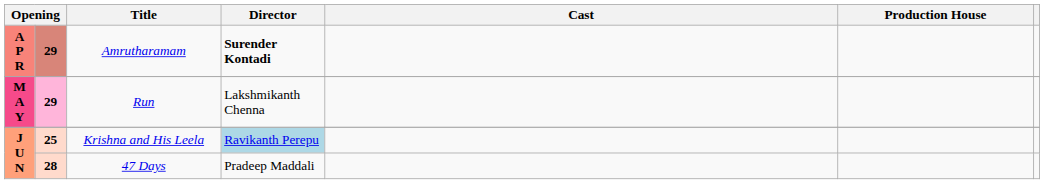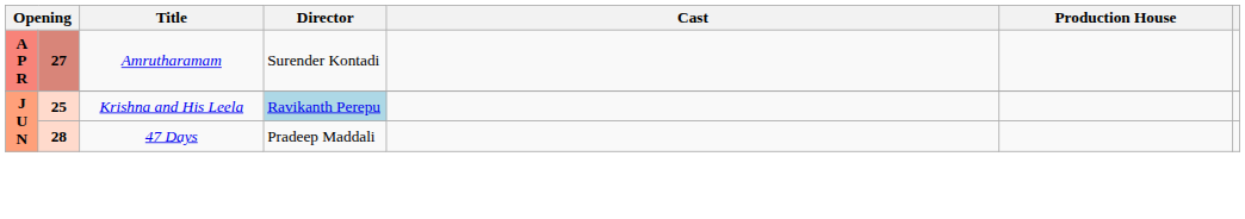 <table class="wikitable sortable">
 <tr style="background:#blue; text-align:center;">
 <th colspan="2" style="width:6%;"><strong>Opening</strong></th>
 <th style="width:15%;"><strong>Title</strong></th>
 <th style="width:10%;"><strong>Director</strong></th>
 <th style="width:50%;"><strong>Cast</strong></th>
 <th style="width:25%;"><strong>Production House</strong></th>
 <th style="width:1%;"></th>
 </tr>
 <tr April!>
 <td style="text-align:center;  background:#F88379; textcolor:#000;"><strong>A<br>P<br>R</strong></td>
-<td style="text-align:center;background:#D88579;"><strong>29</strong></td>
+<td style="text-align:center;background:#D88579;"><strong>27</strong></td>
 <td style="text-align:center;"><em><a href='#'>Amrutharamam</a></em></td>
-<td><strong>Surender Kontadi</strong></td>
+<td>Surender Kontadi</td>
 <td></td>
 <td></td>
 <td></td>
 </tr>
 <tr>
-</tr>
-<tr May>
-<td style="text-align:center; background:#f64a8a; textcolor:#000;"><strong>M<br>A<br>Y</strong></td>
-<td style="text-align:center; background:#ffb5da;"><strong>29</strong></td>
-<td style="text-align:center;"><em><a href='#'>Run</a></em></td>
-<td>Lakshmikanth Chenna</td>
-<td></td>
-<td></td>
-<td></td>
 </tr>
 <tr>
 </tr>
 <tr June!>
 <td rowspan="2" style="text-align:center; background:#ffa07a; textcolor:#000;"><strong>J<br>U<br>N</strong></td>
 <td style="text-align:center; background:#ffdacc;"><strong>25</strong></td>
 <td style="text-align:center;"><em><a href='#'>Krishna and His Leela</a></em></td>
 <td style="background: lightblue;"><a href='#'>Ravikanth Perepu</a></td>
 <td></td>
 <td></td>
 <td></td>
 </tr>
 <tr>
 <td style="text-align:center; background:#ffdacc;"><strong>28</strong></td>
 <td style="text-align:center;"><em><a href='#'>47 Days</a></em></td>
 <td>Pradeep Maddali</td>
 <td></td>
 <td></td>
 <td></td>
 </tr>
 </table>
